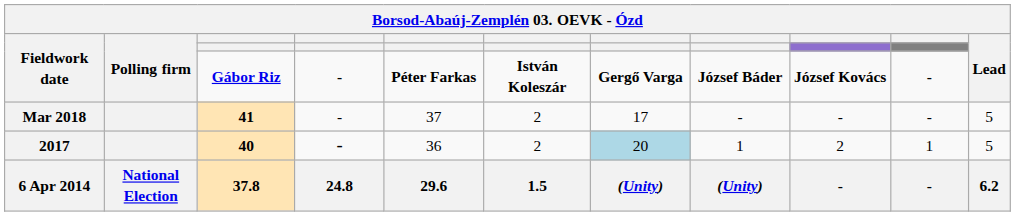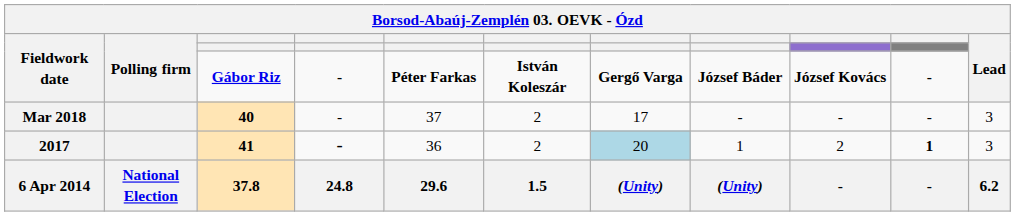 <table class="wikitable mw-collapsible mw-collapsed" style="text-align:center">
 <tr>
 <th colspan="11" style="width: 980pt;"><small><a href='#'>Borsod-Abaúj-Zemplén</a> 03.</small> <small>OEVK - <a href='#'>Ózd</a></small></th>
 </tr>
 <tr>
 <th rowspan="3" style="width: 80pt;"><small>Fieldwork</small> <small>date</small></th>
 <th rowspan="3" style="width: 80pt;"><strong><small>Polling</small> <small>firm</small></strong></th>
 <th style="width: 100pt;"><small></small></th>
 <th style="width: 100pt;"><small> </small></th>
 <th style="width: 100pt;"></th>
 <th style="width: 100pt;"></th>
 <th style="width: 100pt;"></th>
 <th style="width: 100pt;"></th>
 <th style="width: 100pt;"></th>
 <th style="width: 100pt;"></th>
 <th rowspan="3" style="width: 20pt;"><small>Lead</small></th>
 </tr>
 <tr>
 <th style="color:inherit;background:"></th>
 <th style="color:inherit;background:"></th>
 <th style="color:inherit;background:"></th>
 <th style="color:inherit;background:"></th>
 <th style="color:inherit;background:"></th>
 <th style="color:inherit;background:"></th>
 <th style="color:inherit;background:#8E6FCE;"></th>
 <th style="color:inherit;background:#808080;"></th>
 </tr>
 <tr>
 <td><a href='#'><strong><small>Gábor Riz</small></strong></a></td>
 <td><strong><small>-</small></strong></td>
 <td><strong><small>Péter Farkas</small></strong></td>
 <td><strong><small>István Koleszár</small></strong></td>
 <td><strong><small>Gergő Varga</small></strong></td>
 <td><strong><small>József Báder</small></strong></td>
 <td><strong><small>József Kovács</small></strong></td>
 <td><strong><small>-</small></strong></td>
 </tr>
 <tr>
 <th><small>Mar 2018</small></th>
 <th><small></small></th>
-<td style="background:#FFE5B4"><strong><small>41</small></strong></td>
+<td style="background:#FFE5B4"><strong><small>40</small></strong></td>
 <td><small>-</small></td>
 <td><small>37</small></td>
 <td><small>2</small></td>
 <td><small>17</small></td>
 <td><small>-</small></td>
 <td><small>-</small></td>
 <td><small>-</small></td>
-<td style="background:"><small>5</small></td>
+<td style="background:"><small>3</small></td>
 </tr>
 <tr>
 <th><small>2017</small></th>
 <th><small></small></th>
-<td style="background:#FFE5B4"><strong><small>40</small></strong></td>
+<td style="background:#FFE5B4"><strong><small>41</small></strong></td>
 <td>-</td>
 <td><small>36</small></td>
 <td><small>2</small></td>
 <td style="background: lightblue;"><small>20</small></td>
 <td><small>1</small></td>
 <td><small>2</small></td>
-<td><small>1</small></td>
-<td style="background:"><small>5</small></td>
+<td><strong><small>1</small></strong></td>
+<td style="background:"><small>3</small></td>
 </tr>
 <tr>
 <th><small>6 Apr 2014</small></th>
 <th><a href='#'><small>National Election</small></a></th>
 <th style="background:#FFE5B4"><strong><small>37.8</small></strong></th>
 <th><small>24.8</small></th>
 <th><small>29.6</small></th>
 <th><small>1.5</small></th>
 <th><small><em>(<a href='#'>Unity</a>)</em></small></th>
 <th><small><em>(<a href='#'>Unity</a>)</em></small></th>
 <th><small>-</small></th>
 <th><small>-</small></th>
 <th style="background:"><small>6.2</small></th>
 </tr>
 </table>
